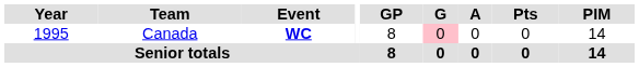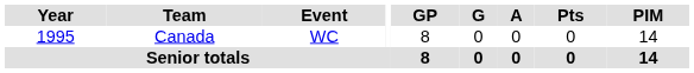 <table border="0" cellpadding="1" cellspacing="0" ID="Table3" style="text-align:center; width:40em">
 <tr bgcolor="#e0e0e0">
 <th>Year</th>
 <th>Team</th>
 <th>Event</th>
 <th rowspan="102" bgcolor="#ffffff"></th>
 <th>GP</th>
 <th>G</th>
 <th>A</th>
 <th>Pts</th>
 <th>PIM</th>
 </tr>
 <tr>
 <td><a href='#'>1995</a></td>
 <td><a href='#'>Canada</a></td>
-<td><strong><a href='#'>WC</a></strong></td>
+<td><a href='#'>WC</a></td>
 <td>8</td>
-<td style="background: pink;">0</td>
+<td>0</td>
 <td>0</td>
 <td>0</td>
 <td>14</td>
 </tr>
 <tr bgcolor="#e0e0e0">
 <th colspan="4">Senior totals</th>
 <th>8</th>
 <th>0</th>
 <th>0</th>
 <th>0</th>
 <th>14</th>
 </tr>
 </table>
